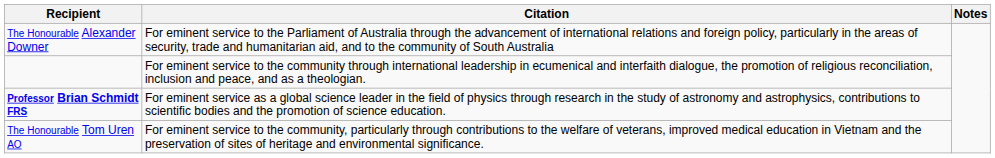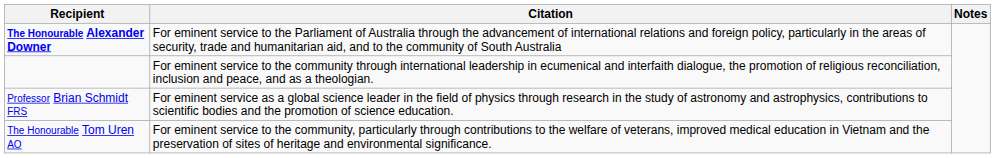 <table class="wikitable" style="font-size:95%;">
 <tr>
 <th>Recipient</th>
 <th>Citation</th>
 <th>Notes</th>
 </tr>
 <tr>
-<td><small><a href='#'>The Honourable</a></small> <a href='#'>Alexander Downer</a></td>
+<td><strong><small><a href='#'>The Honourable</a></small> <a href='#'>Alexander Downer</a></strong></td>
 <td>For eminent service to the Parliament  of Australia through the advancement of international relations and foreign policy, particularly in the areas of security, trade and humanitarian aid, and to the community of South Australia</td>
 <td rowspan=4></td>
 </tr>
 <tr>
 <td></td>
 <td>For eminent service to the community through international leadership in ecumenical and interfaith dialogue, the promotion of religious reconciliation, inclusion and peace, and as a theologian.</td>
 </tr>
 <tr>
-<td><strong><small><a href='#'>Professor</a></small> <a href='#'>Brian Schmidt</a> <small><a href='#'>FRS</a></small></strong></td>
+<td><small><a href='#'>Professor</a></small> <a href='#'>Brian Schmidt</a> <small><a href='#'>FRS</a></small></td>
 <td>For eminent service as a global science leader in the field of physics through research in the study of astronomy and astrophysics, contributions to scientific bodies and the promotion of science education.</td>
 </tr>
 <tr>
 <td><small><a href='#'>The Honourable</a></small> <a href='#'>Tom Uren</a> <small><a href='#'>AO</a></small></td>
 <td>For eminent service to the community, particularly through contributions to the welfare of veterans, improved medical education in Vietnam and the preservation of sites of heritage and environmental significance.</td>
 </tr>
 </table>
